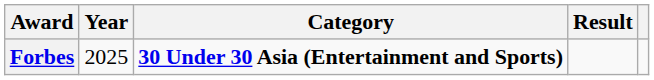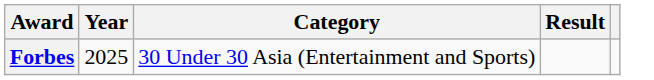 <table class="wikitable plainrowheaders sortable">
 <tr>
 <th scope="col">Award</th>
 <th scope="col">Year</th>
 <th scope="col">Category</th>
 <th scope="col">Result</th>
 <th scope="col" class="unsortable"></th>
 </tr>
 <tr>
 <th scope="row"><a href='#'>Forbes</a></th>
 <td rowspan=2>2025</td>
-<td><strong><a href='#'>30 Under 30</a> Asia (Entertainment and Sports)</strong></td>
+<td><a href='#'>30 Under 30</a> Asia (Entertainment and Sports)</td>
 <td></td>
 <td></td>
 </tr>
 </table>
